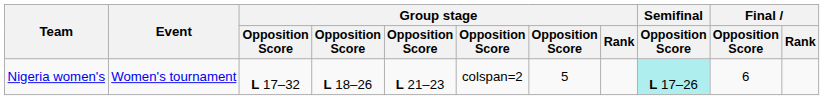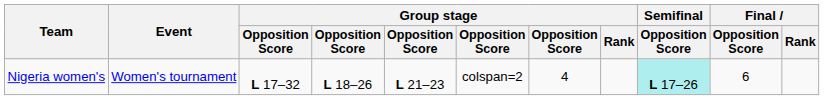 <table class="wikitable" style="font-size:90%">
 <tr>
 <th rowspan=2>Team</th>
 <th rowspan=2>Event</th>
 <th colspan=6>Group stage</th>
 <th>Semifinal</th>
 <th colspan=2>Final / </th>
 </tr>
 <tr style="font-size:95%">
 <th>Opposition<br>Score</th>
 <th>Opposition<br>Score</th>
 <th>Opposition<br>Score</th>
 <th>Opposition<br>Score</th>
 <th>Opposition<br>Score</th>
 <th>Rank</th>
 <th>Opposition<br>Score</th>
 <th>Opposition<br>Score</th>
 <th>Rank</th>
 </tr>
 <tr align=center>
 <td align=left><a href='#'>Nigeria women's</a></td>
 <td align=left><a href='#'>Women's tournament</a></td>
 <td><br><strong>L</strong> 17–32</td>
 <td><br><strong>L</strong> 18–26</td>
 <td><br><strong>L</strong> 21–23</td>
 <td>colspan=2</td>
-<td>5</td>
+<td>4</td>
 <td></td>
 <td style="background: paleturquoise;"><br><strong>L</strong> 17–26</td>
 <td>6</td>
 </tr>
 </table>
